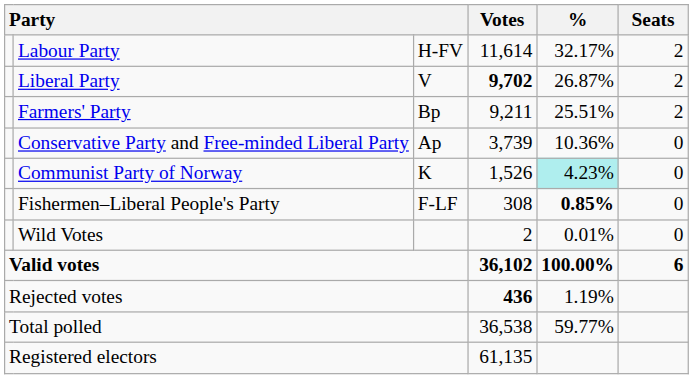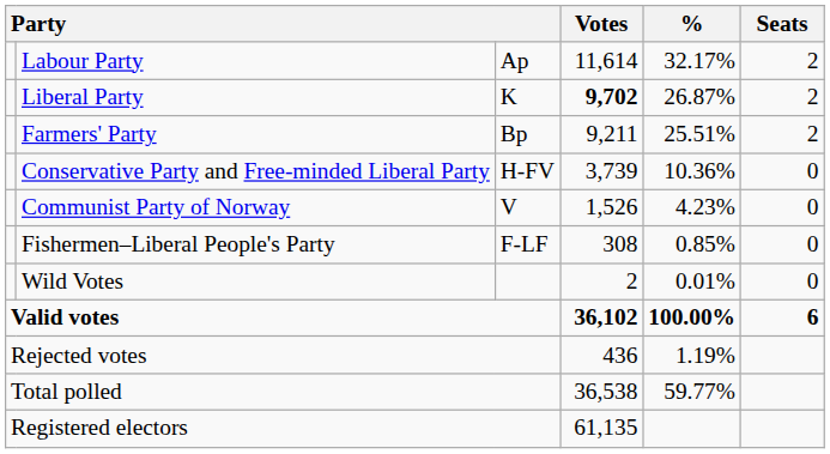 <table class="wikitable" border="1" style="text-align:right;">
 <tr>
 <th style="text-align:left;" colspan=3>Party</th>
 <th align=center width="50">Votes</th>
 <th align=center width="50">%</th>
 <th align=center width="50">Seats</th>
 </tr>
 <tr>
 <td style="color:inherit;background:"></td>
 <td align=left><a href='#'>Labour Party</a></td>
-<td align=left>H-FV</td>
+<td align=left>Ap</td>
 <td>11,614</td>
 <td>32.17%</td>
 <td>2</td>
 </tr>
 <tr>
 <td style="color:inherit;background:"></td>
 <td align=left><a href='#'>Liberal Party</a></td>
-<td align=left>V</td>
+<td align=left>K</td>
 <td><strong>9,702</strong></td>
 <td>26.87%</td>
 <td>2</td>
 </tr>
 <tr>
 <td style="color:inherit;background:"></td>
 <td align=left><a href='#'>Farmers' Party</a></td>
 <td align=left>Bp</td>
 <td>9,211</td>
 <td>25.51%</td>
 <td>2</td>
 </tr>
 <tr>
 <td></td>
 <td align=left><a href='#'>Conservative Party</a> and <a href='#'>Free-minded Liberal Party</a></td>
-<td align=left>Ap</td>
+<td align=left>H-FV</td>
 <td>3,739</td>
 <td>10.36%</td>
 <td>0</td>
 </tr>
 <tr>
 <td style="color:inherit;background:"></td>
 <td align=left><a href='#'>Communist Party of Norway</a></td>
-<td align=left>K</td>
+<td align=left>V</td>
 <td>1,526</td>
-<td style="background: paleturquoise;">4.23%</td>
+<td>4.23%</td>
 <td>0</td>
 </tr>
 <tr>
 <td></td>
 <td align=left>Fishermen–Liberal People's Party</td>
 <td align=left>F-LF</td>
 <td>308</td>
-<td><strong>0.85%</strong></td>
+<td>0.85%</td>
 <td>0</td>
 </tr>
 <tr>
 <td></td>
 <td align=left>Wild Votes</td>
 <td align=left></td>
 <td>2</td>
 <td>0.01%</td>
 <td>0</td>
 </tr>
 <tr style="font-weight:bold">
 <td align=left colspan=3>Valid votes</td>
 <td>36,102</td>
 <td>100.00%</td>
 <td>6</td>
 </tr>
 <tr>
 <td align=left colspan=3>Rejected votes</td>
-<td><strong>436</strong></td>
+<td>436</td>
 <td>1.19%</td>
 <td></td>
 </tr>
 <tr>
 <td align=left colspan=3>Total polled</td>
 <td>36,538</td>
 <td>59.77%</td>
 <td></td>
 </tr>
 <tr>
 <td align=left colspan=3>Registered electors</td>
 <td>61,135</td>
 <td></td>
 <td></td>
 </tr>
 </table>
